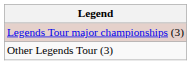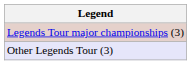 <table class="wikitable" style="font-size:95%;">
 <tr>
 <th>Legend</th>
 </tr>
 <tr style="background:#e5d1cb;">
 <td><a href='#'>Legends Tour major championships</a> (3)</td>
 </tr>
 <tr>
-<td>Other Legends Tour (3)</td>
+<td style="background: lavender;">Other Legends Tour (3)</td>
 </tr>
 </table>
